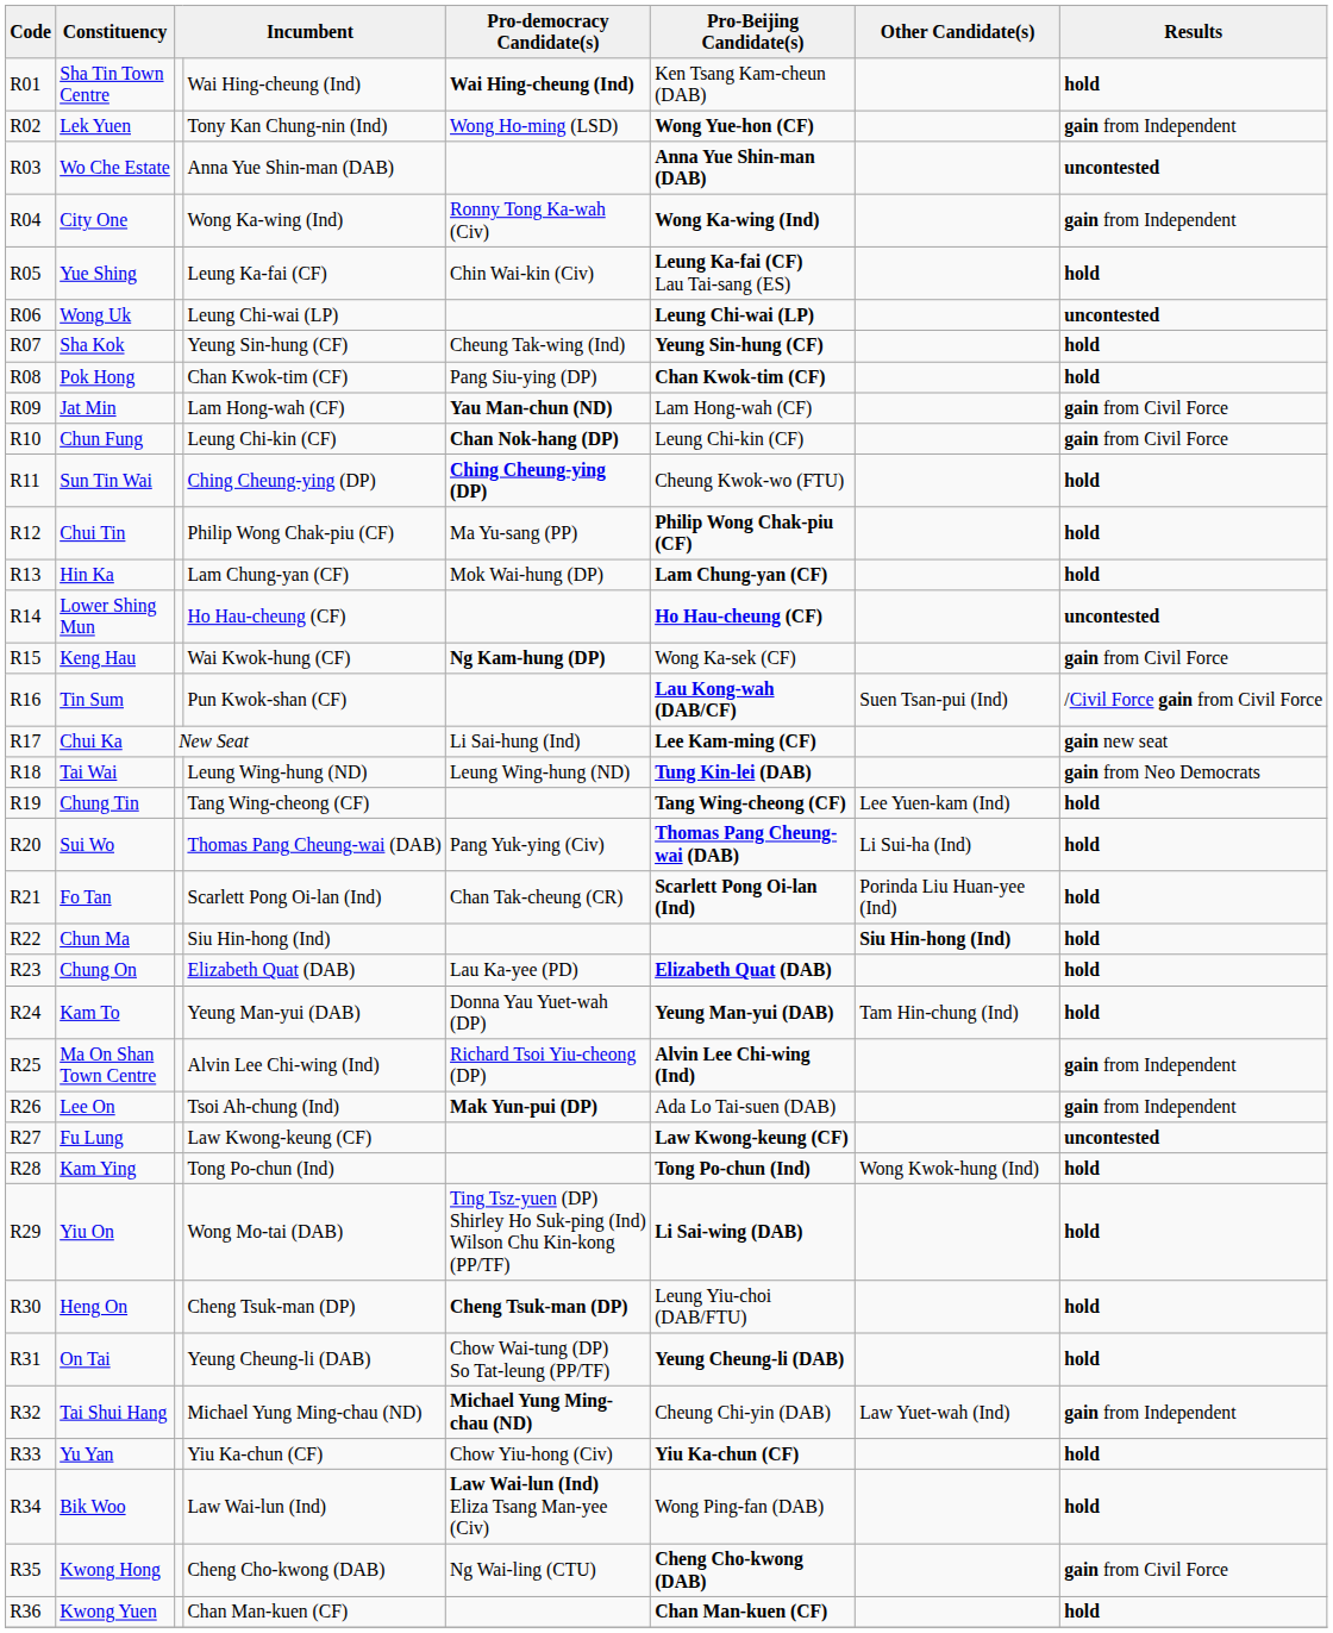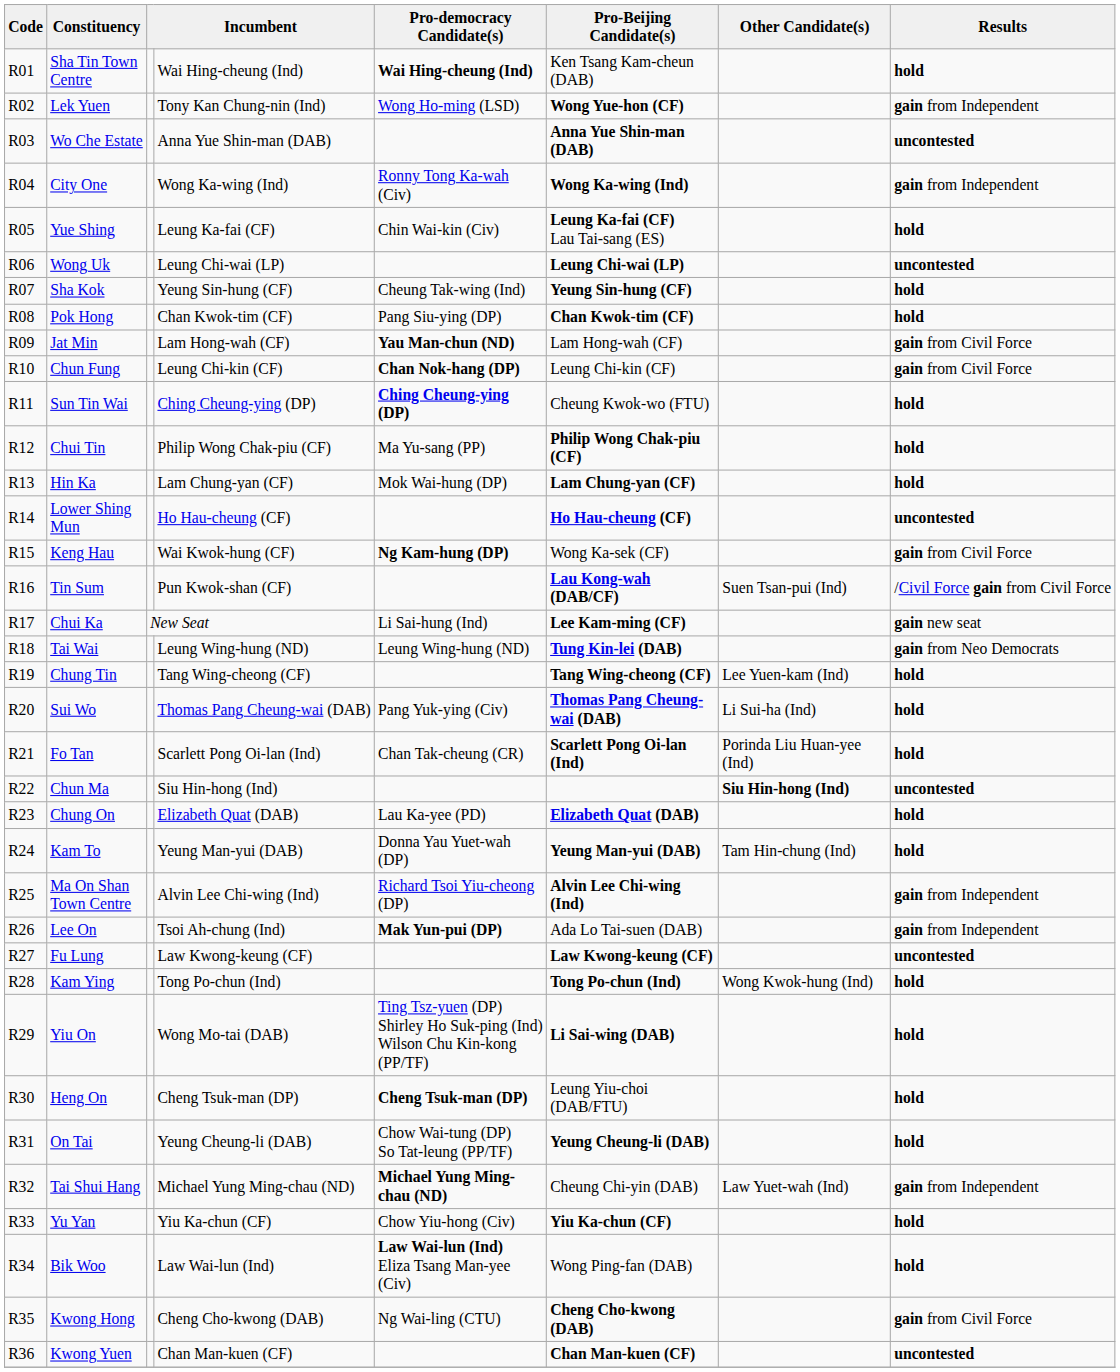 <table class="wikitable" style="font-size: 95%;">
 <tr>
 <th align="center" style="background:#f0f0f0;" width="20px">Code</th>
 <th align="center" style="background:#f0f0f0;" width="90px">Constituency</th>
 <th align="center" style="background:#f0f0f0;" width="120px" colspan=2>Incumbent</th>
 <th align="center" style="background:#f0f0f0;" width="160px">Pro-democracy Candidate(s)</th>
 <th align="center" style="background:#f0f0f0;" width="160px">Pro-Beijing Candidate(s)</th>
 <th align="center" style="background:#f0f0f0;" width="160px">Other Candidate(s)</th>
 <th align="center" style="background:#f0f0f0;" width="100px" colspan="2">Results</th>
 </tr>
 <tr>
 <td>R01</td>
 <td><a href='#'>Sha Tin Town Centre</a></td>
 <td></td>
 <td>Wai Hing-cheung (Ind)</td>
 <td><strong>Wai Hing-cheung (Ind)</strong></td>
 <td>Ken Tsang Kam-cheun (DAB)</td>
 <td></td>
 <td> <strong>hold</strong></td>
 </tr>
 <tr>
 <td>R02</td>
 <td><a href='#'>Lek Yuen</a></td>
 <td></td>
 <td>Tony Kan Chung-nin (Ind)</td>
 <td><a href='#'>Wong Ho-ming</a> (LSD)</td>
 <td><strong>Wong Yue-hon (CF)</strong></td>
 <td></td>
 <td> <strong>gain</strong> from Independent</td>
 </tr>
 <tr>
 <td>R03</td>
 <td><a href='#'>Wo Che Estate</a></td>
 <td></td>
 <td>Anna Yue Shin-man (DAB)</td>
 <td></td>
 <td><strong>Anna Yue Shin-man (DAB)</strong></td>
 <td></td>
 <td> <strong>uncontested</strong></td>
 </tr>
 <tr>
 <td>R04</td>
 <td><a href='#'>City One</a></td>
 <td></td>
 <td>Wong Ka-wing (Ind)</td>
 <td><a href='#'>Ronny Tong Ka-wah</a> (Civ)</td>
 <td><strong>Wong Ka-wing (Ind)</strong></td>
 <td></td>
 <td> <strong>gain</strong> from Independent</td>
 </tr>
 <tr>
 <td>R05</td>
 <td><a href='#'>Yue Shing</a></td>
 <td></td>
 <td>Leung Ka-fai (CF)</td>
 <td>Chin Wai-kin (Civ)</td>
 <td><strong>Leung Ka-fai (CF)</strong><br>Lau Tai-sang (ES)</td>
 <td></td>
 <td> <strong>hold</strong></td>
 </tr>
 <tr>
 <td>R06</td>
 <td><a href='#'>Wong Uk</a></td>
 <td></td>
 <td>Leung Chi-wai (LP)</td>
 <td></td>
 <td><strong>Leung Chi-wai (LP)</strong></td>
 <td></td>
 <td> <strong>uncontested</strong></td>
 </tr>
 <tr>
 <td>R07</td>
 <td><a href='#'>Sha Kok</a></td>
 <td></td>
 <td>Yeung Sin-hung (CF)</td>
 <td>Cheung Tak-wing (Ind)</td>
 <td><strong>Yeung Sin-hung (CF)</strong></td>
 <td></td>
 <td> <strong>hold</strong></td>
 </tr>
 <tr>
 <td>R08</td>
 <td><a href='#'>Pok Hong</a></td>
 <td></td>
 <td>Chan Kwok-tim (CF)</td>
 <td>Pang Siu-ying (DP)</td>
 <td><strong>Chan Kwok-tim (CF)</strong></td>
 <td></td>
 <td> <strong>hold</strong></td>
 </tr>
 <tr>
 <td>R09</td>
 <td><a href='#'>Jat Min</a></td>
 <td></td>
 <td>Lam Hong-wah (CF)</td>
 <td><strong>Yau Man-chun (ND)</strong></td>
 <td>Lam Hong-wah (CF)</td>
 <td></td>
 <td> <strong>gain</strong> from Civil Force</td>
 </tr>
 <tr>
 <td>R10</td>
 <td><a href='#'>Chun Fung</a></td>
 <td></td>
 <td>Leung Chi-kin (CF)</td>
 <td><strong>Chan Nok-hang (DP)</strong></td>
 <td>Leung Chi-kin (CF)</td>
 <td></td>
 <td> <strong>gain</strong> from Civil Force</td>
 </tr>
 <tr>
 <td>R11</td>
 <td><a href='#'>Sun Tin Wai</a></td>
 <td></td>
 <td><a href='#'>Ching Cheung-ying</a> (DP)</td>
 <td><strong><a href='#'>Ching Cheung-ying</a> (DP)</strong></td>
 <td>Cheung Kwok-wo (FTU)</td>
 <td></td>
 <td> <strong>hold</strong></td>
 </tr>
 <tr>
 <td>R12</td>
 <td><a href='#'>Chui Tin</a></td>
 <td></td>
 <td>Philip Wong Chak-piu (CF)</td>
 <td>Ma Yu-sang (PP)</td>
 <td><strong>Philip Wong Chak-piu (CF)</strong></td>
 <td></td>
 <td> <strong>hold</strong></td>
 </tr>
 <tr>
 <td>R13</td>
 <td><a href='#'>Hin Ka</a></td>
 <td></td>
 <td>Lam Chung-yan (CF)</td>
 <td>Mok Wai-hung (DP)</td>
 <td><strong>Lam Chung-yan (CF)</strong></td>
 <td></td>
 <td> <strong>hold</strong></td>
 </tr>
 <tr>
 <td>R14</td>
 <td><a href='#'>Lower Shing Mun</a></td>
 <td></td>
 <td><a href='#'>Ho Hau-cheung</a> (CF)</td>
 <td></td>
 <td><strong><a href='#'>Ho Hau-cheung</a> (CF)</strong></td>
 <td></td>
 <td> <strong>uncontested</strong></td>
 </tr>
 <tr>
 <td>R15</td>
 <td><a href='#'>Keng Hau</a></td>
 <td></td>
 <td>Wai Kwok-hung (CF)</td>
 <td><strong>Ng Kam-hung (DP)</strong></td>
 <td>Wong Ka-sek (CF)</td>
 <td></td>
 <td> <strong>gain</strong> from Civil Force</td>
 </tr>
 <tr>
 <td>R16</td>
 <td><a href='#'>Tin Sum</a></td>
 <td></td>
 <td>Pun Kwok-shan (CF)</td>
 <td></td>
 <td><strong><a href='#'>Lau Kong-wah</a> (DAB/CF)</strong></td>
 <td>Suen Tsan-pui (Ind)</td>
 <td>/<a href='#'>Civil Force</a> <strong>gain</strong> from Civil Force</td>
 </tr>
 <tr>
 <td>R17</td>
 <td><a href='#'>Chui Ka</a></td>
 <td colspan=2><em>New Seat</em></td>
 <td>Li Sai-hung (Ind)</td>
 <td><strong>Lee Kam-ming (CF)</strong></td>
 <td></td>
 <td> <strong>gain</strong> new seat</td>
 </tr>
 <tr>
 <td>R18</td>
 <td><a href='#'>Tai Wai</a></td>
 <td></td>
 <td>Leung Wing-hung (ND)</td>
 <td>Leung Wing-hung (ND)</td>
 <td><strong><a href='#'>Tung Kin-lei</a> (DAB)</strong></td>
 <td></td>
 <td> <strong>gain</strong> from Neo Democrats</td>
 </tr>
 <tr>
 <td>R19</td>
 <td><a href='#'>Chung Tin</a></td>
 <td></td>
 <td>Tang Wing-cheong (CF)</td>
 <td></td>
 <td><strong>Tang Wing-cheong (CF)</strong></td>
 <td>Lee Yuen-kam (Ind)</td>
 <td> <strong>hold</strong></td>
 </tr>
 <tr>
 <td>R20</td>
 <td><a href='#'>Sui Wo</a></td>
 <td></td>
 <td><a href='#'>Thomas Pang Cheung-wai</a> (DAB)</td>
 <td>Pang Yuk-ying (Civ)</td>
 <td><strong><a href='#'>Thomas Pang Cheung-wai</a> (DAB)</strong></td>
 <td>Li Sui-ha (Ind)</td>
 <td> <strong>hold</strong></td>
 </tr>
 <tr>
 <td>R21</td>
 <td><a href='#'>Fo Tan</a></td>
 <td></td>
 <td>Scarlett Pong Oi-lan (Ind)</td>
 <td>Chan Tak-cheung (CR)</td>
 <td><strong>Scarlett Pong Oi-lan (Ind)</strong></td>
 <td>Porinda Liu Huan-yee (Ind)</td>
 <td> <strong>hold</strong></td>
 </tr>
 <tr>
 <td>R22</td>
 <td><a href='#'>Chun Ma</a></td>
 <td></td>
 <td>Siu Hin-hong (Ind)</td>
 <td></td>
 <td></td>
 <td><strong>Siu Hin-hong (Ind)</strong></td>
-<td> <strong>hold</strong></td>
+<td> <strong>uncontested</strong></td>
 </tr>
 <tr>
 <td>R23</td>
 <td><a href='#'>Chung On</a></td>
 <td></td>
 <td><a href='#'>Elizabeth Quat</a> (DAB)</td>
 <td>Lau Ka-yee (PD)</td>
 <td><strong><a href='#'>Elizabeth Quat</a> (DAB)</strong></td>
 <td></td>
 <td> <strong>hold</strong></td>
 </tr>
 <tr>
 <td>R24</td>
 <td><a href='#'>Kam To</a></td>
 <td></td>
 <td>Yeung Man-yui (DAB)</td>
 <td>Donna Yau Yuet-wah (DP)</td>
 <td><strong>Yeung Man-yui (DAB)</strong></td>
 <td>Tam Hin-chung (Ind)</td>
 <td> <strong>hold</strong></td>
 </tr>
 <tr>
 <td>R25</td>
 <td><a href='#'>Ma On Shan Town Centre</a></td>
 <td></td>
 <td>Alvin Lee Chi-wing (Ind)</td>
 <td><a href='#'>Richard Tsoi Yiu-cheong</a> (DP)</td>
 <td><strong>Alvin Lee Chi-wing (Ind)</strong> </td>
 <td></td>
 <td> <strong>gain</strong> from Independent</td>
 </tr>
 <tr>
 <td>R26</td>
 <td><a href='#'>Lee On</a></td>
 <td></td>
 <td>Tsoi Ah-chung (Ind)</td>
 <td><strong>Mak Yun-pui (DP)</strong></td>
 <td>Ada Lo Tai-suen (DAB)</td>
 <td></td>
 <td> <strong>gain</strong> from Independent</td>
 </tr>
 <tr>
 <td>R27</td>
 <td><a href='#'>Fu Lung</a></td>
 <td></td>
 <td>Law Kwong-keung (CF)</td>
 <td></td>
 <td><strong>Law Kwong-keung (CF)</strong></td>
 <td></td>
 <td> <strong>uncontested</strong></td>
 </tr>
 <tr>
 <td>R28</td>
 <td><a href='#'>Kam Ying</a></td>
 <td></td>
 <td>Tong Po-chun (Ind)</td>
 <td></td>
 <td><strong>Tong Po-chun (Ind)</strong> </td>
 <td>Wong Kwok-hung (Ind)</td>
 <td> <strong>hold</strong></td>
 </tr>
 <tr>
 <td>R29</td>
 <td><a href='#'>Yiu On</a></td>
 <td></td>
 <td>Wong Mo-tai (DAB)</td>
 <td><a href='#'>Ting Tsz-yuen</a> (DP) <br> Shirley Ho Suk-ping (Ind)<br>Wilson Chu Kin-kong (PP/TF)</td>
 <td><strong>Li Sai-wing (DAB)</strong></td>
 <td></td>
 <td> <strong>hold</strong></td>
 </tr>
 <tr>
 <td>R30</td>
 <td><a href='#'>Heng On</a></td>
 <td></td>
 <td>Cheng Tsuk-man (DP)</td>
 <td><strong> Cheng Tsuk-man (DP)</strong></td>
 <td>Leung Yiu-choi (DAB/FTU)</td>
 <td></td>
 <td> <strong>hold</strong></td>
 </tr>
 <tr>
 <td>R31</td>
 <td><a href='#'>On Tai</a></td>
 <td></td>
 <td>Yeung Cheung-li (DAB)</td>
 <td>Chow Wai-tung (DP)<br>So Tat-leung (PP/TF)</td>
 <td><strong>Yeung Cheung-li (DAB)</strong></td>
 <td></td>
 <td> <strong>hold</strong></td>
 </tr>
 <tr>
 <td>R32</td>
 <td><a href='#'>Tai Shui Hang</a></td>
 <td></td>
 <td>Michael Yung Ming-chau (ND)</td>
 <td><strong>Michael Yung Ming-chau (ND)</strong></td>
 <td>Cheung Chi-yin (DAB)</td>
 <td>Law Yuet-wah (Ind)</td>
 <td> <strong>gain</strong> from Independent</td>
 </tr>
 <tr>
 <td>R33</td>
 <td><a href='#'>Yu Yan</a></td>
 <td></td>
 <td>Yiu Ka-chun (CF)</td>
 <td>Chow Yiu-hong (Civ)</td>
 <td><strong>Yiu Ka-chun (CF)</strong></td>
 <td></td>
 <td> <strong>hold</strong></td>
 </tr>
 <tr>
 <td>R34</td>
 <td><a href='#'>Bik Woo</a></td>
 <td></td>
 <td>Law Wai-lun (Ind)</td>
 <td><strong>Law Wai-lun (Ind)</strong> <br> Eliza Tsang Man-yee (Civ)</td>
 <td>Wong Ping-fan (DAB)</td>
 <td></td>
 <td> <strong>hold</strong></td>
 </tr>
 <tr>
 <td>R35</td>
 <td><a href='#'>Kwong Hong</a></td>
 <td></td>
 <td>Cheng Cho-kwong (DAB)</td>
 <td>Ng Wai-ling (CTU)</td>
 <td><strong>Cheng Cho-kwong (DAB)</strong></td>
 <td></td>
 <td> <strong>gain</strong> from Civil Force</td>
 </tr>
 <tr>
 <td>R36</td>
 <td><a href='#'>Kwong Yuen</a></td>
 <td></td>
 <td>Chan Man-kuen (CF)</td>
 <td></td>
 <td><strong>Chan Man-kuen (CF)</strong></td>
 <td></td>
-<td> <strong>hold</strong></td>
+<td> <strong>uncontested</strong></td>
 </tr>
 <tr>
 </tr>
 </table>
